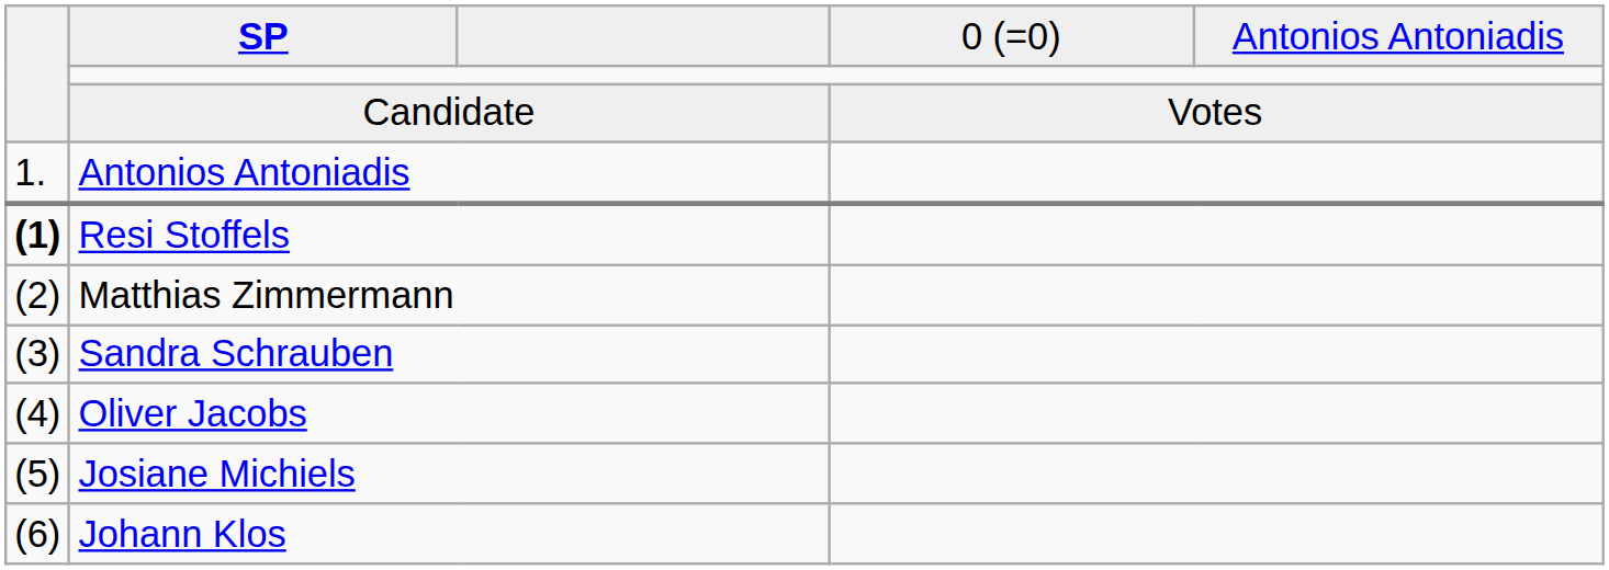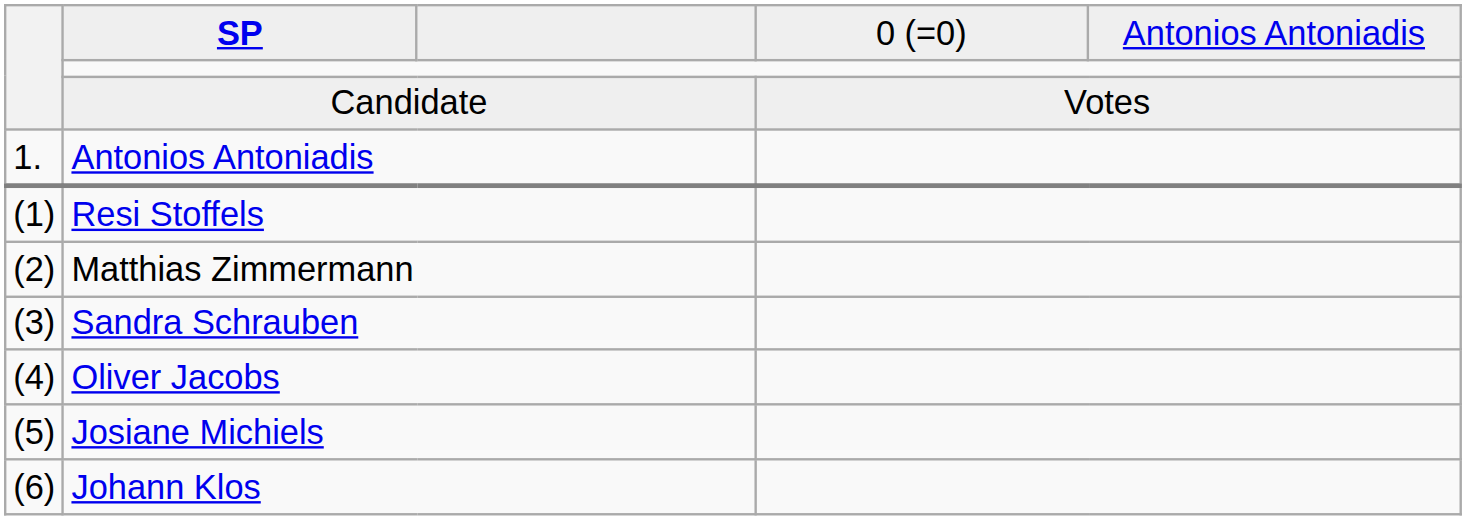 <table class="wikitable collapsible collapsed" style=text-align:left;font-size:90%>
 <tr>
 <th rowspan=3></th>
 <td bgcolor=efefef width=200 align=center><strong> <a href='#'>SP</a> </strong></td>
 <td bgcolor=efefef width=200 align=center></td>
 <td bgcolor=efefef width=200 align=center>0 (=0)</td>
 <td bgcolor=efefef width=200 align=center><a href='#'>Antonios Antoniadis</a></td>
 </tr>
 <tr>
 <td colspan=4 bgcolor=></td>
 </tr>
 <tr>
 <td bgcolor=efefef align=center colspan=2>Candidate</td>
 <td bgcolor=efefef align=center colspan=2>Votes</td>
 </tr>
 <tr>
 <td>1.</td>
 <td colspan=2><a href='#'>Antonios Antoniadis</a></td>
 <td colspan=2></td>
 </tr>
 <tr style="border-top:2px solid gray;">
-<td><strong>(1)</strong></td>
+<td>(1)</td>
 <td colspan=2><a href='#'>Resi Stoffels</a></td>
 <td colspan=2></td>
 </tr>
 <tr>
 <td>(2)</td>
 <td colspan=2>Matthias Zimmermann</td>
 <td colspan=2></td>
 </tr>
 <tr>
 <td>(3)</td>
 <td colspan=2><a href='#'>Sandra Schrauben</a></td>
 <td colspan=2></td>
 </tr>
 <tr>
 <td>(4)</td>
 <td colspan=2><a href='#'>Oliver Jacobs</a></td>
 <td colspan=2></td>
 </tr>
 <tr>
 <td>(5)</td>
 <td colspan=2><a href='#'>Josiane Michiels</a></td>
 <td colspan=2></td>
 </tr>
 <tr>
 <td>(6)</td>
 <td colspan=2><a href='#'>Johann Klos</a></td>
 <td colspan=2></td>
 </tr>
 </table>
